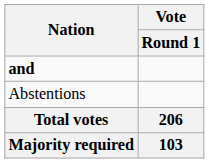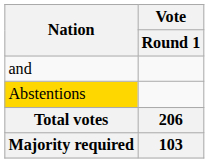 <table class="wikitable" style="margin: 0 auto;text-align: left">
 <tr>
 <th rowspan="2">Nation</th>
 <th colspan="2">Vote</th>
 </tr>
 <tr>
 <th>Round 1</th>
 </tr>
 <tr>
-<td align=left><strong> and </strong></td>
+<td align=left> and </td>
 <td></td>
 </tr>
 <tr>
-<td align=left>Abstentions</td>
+<td align=left style="background: gold;">Abstentions</td>
 <td></td>
 </tr>
 <tr>
 <th align=left>Total votes</th>
 <th>206</th>
 </tr>
 <tr>
 <th align=left>Majority required</th>
 <th>103</th>
 </tr>
 </table>
